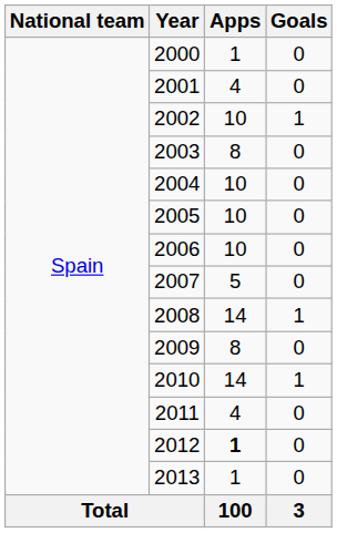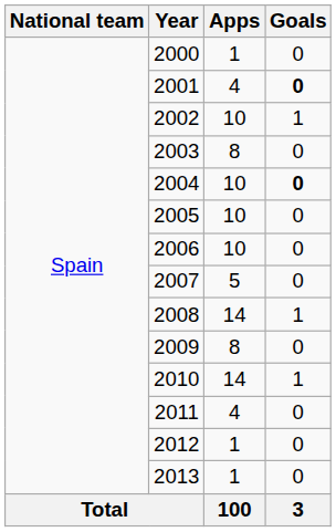 <table class=wikitable style=text-align:center>
 <tr>
 <th>National team</th>
 <th>Year</th>
 <th>Apps</th>
 <th>Goals</th>
 </tr>
 <tr>
 <td rowspan="14"><a href='#'>Spain</a></td>
 <td>2000</td>
 <td>1</td>
 <td>0</td>
 </tr>
 <tr>
 <td>2001</td>
 <td>4</td>
-<td>0</td>
+<td><strong>0</strong></td>
 </tr>
 <tr>
 <td>2002</td>
 <td>10</td>
 <td>1</td>
 </tr>
 <tr>
 <td>2003</td>
 <td>8</td>
 <td>0</td>
 </tr>
 <tr>
 <td>2004</td>
 <td>10</td>
-<td>0</td>
+<td><strong>0</strong></td>
 </tr>
 <tr>
 <td>2005</td>
 <td>10</td>
 <td>0</td>
 </tr>
 <tr>
 <td>2006</td>
 <td>10</td>
 <td>0</td>
 </tr>
 <tr>
 <td>2007</td>
 <td>5</td>
 <td>0</td>
 </tr>
 <tr>
 <td>2008</td>
 <td>14</td>
 <td>1</td>
 </tr>
 <tr>
 <td>2009</td>
 <td>8</td>
 <td>0</td>
 </tr>
 <tr>
 <td>2010</td>
 <td>14</td>
 <td>1</td>
 </tr>
 <tr>
 <td>2011</td>
 <td>4</td>
 <td>0</td>
 </tr>
 <tr>
 <td>2012</td>
-<td><strong>1</strong></td>
+<td>1</td>
 <td>0</td>
 </tr>
 <tr>
 <td>2013</td>
 <td>1</td>
 <td>0</td>
 </tr>
 <tr>
 <th colspan="2">Total</th>
 <th>100</th>
 <th>3</th>
 </tr>
 </table>
